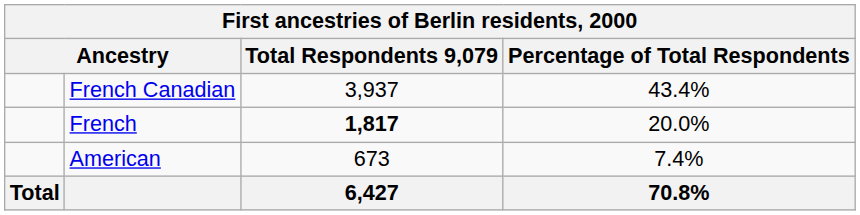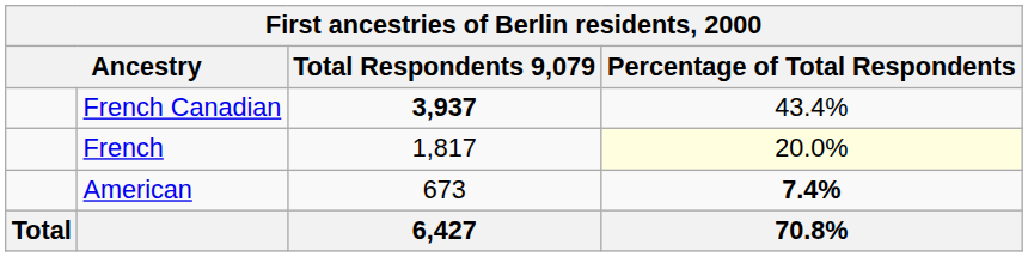 <table class=wikitable>
 <tr>
 <th colspan = 6>First ancestries of Berlin residents, 2000</th>
 </tr>
 <tr>
 <th colspan = 2>Ancestry</th>
 <th>Total Respondents 9,079</th>
 <th>Percentage of Total Respondents</th>
 </tr>
 <tr>
 <td></td>
 <td><a href='#'>French Canadian</a></td>
-<td style="text-align:center;">3,937</td>
+<td style="text-align:center;"><strong>3,937</strong></td>
 <td style="text-align:center;">43.4%</td>
 </tr>
 <tr>
 <td></td>
 <td><a href='#'>French</a></td>
-<td style="text-align:center;"><strong>1,817</strong></td>
-<td style="text-align:center;">20.0%</td>
+<td style="text-align:center;">1,817</td>
+<td style="background: lightyellow; text-align:center;">20.0%</td>
 </tr>
 <tr>
 <td></td>
 <td><a href='#'>American</a></td>
 <td style="text-align:center;">673</td>
-<td style="text-align:center;">7.4%</td>
+<td style="text-align:center;"><strong>7.4%</strong></td>
 </tr>
 <tr>
 <th>Total</th>
 <th style="text-align:center;"></th>
 <th style="text-align:center;">6,427</th>
 <th style="text-align:center;">70.8%</th>
 </tr>
 </table>
